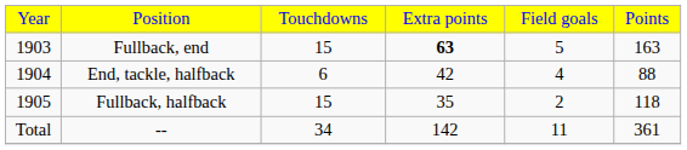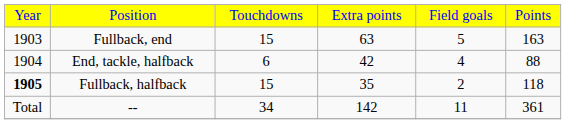 <table class="wikitable" width="70%">
 <tr align="center"  style="background:yellow;color:blue;">
 <td>Year</td>
 <td>Position</td>
 <td>Touchdowns</td>
 <td>Extra points</td>
 <td>Field goals</td>
 <td>Points</td>
 </tr>
 <tr align="center" bgcolor="">
 <td>1903</td>
 <td>Fullback, end</td>
 <td>15</td>
-<td><strong>63</strong></td>
+<td>63</td>
 <td>5</td>
 <td>163</td>
 </tr>
 <tr align="center" bgcolor="">
 <td>1904</td>
 <td>End, tackle, halfback</td>
 <td>6</td>
 <td>42</td>
 <td>4</td>
 <td>88</td>
 </tr>
 <tr align="center" bgcolor="">
-<td>1905</td>
+<td><strong>1905</strong></td>
 <td>Fullback, halfback</td>
 <td>15</td>
 <td>35</td>
 <td>2</td>
 <td>118</td>
 </tr>
 <tr align="center" bgcolor="">
 <td>Total</td>
 <td>--</td>
 <td>34</td>
 <td>142</td>
 <td>11</td>
 <td>361</td>
 </tr>
 <tr align="center" bgcolor="">
 </tr>
 </table>
